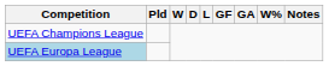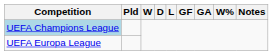 <table class="wikitable sortable" style="text-align: center">
 <tr>
 <th>Competition</th>
 <th abbr="Total of matches played">Pld</th>
 <th abbr="Matches won">W</th>
 <th abbr="Matches drawn">D</th>
 <th abbr="Matches lost">L</th>
 <th abbr="Goals for">GF</th>
 <th abbr="Goals against">GA</th>
 <th abbr="Percentage of matches won">W%</th>
 <th abbr="Notes">Notes</th>
 </tr>
 <tr>
-<td align=left><a href='#'>UEFA Champions League</a><br></td>
+<td align=left style="background: lightblue;"><a href='#'>UEFA Champions League</a><br></td>
 <td></td>
 </tr>
 <tr>
-<td align=left style="background: lightblue;"><a href='#'>UEFA Europa League</a><br></td>
+<td align=left><a href='#'>UEFA Europa League</a><br></td>
 <td></td>
 </tr>
 </table>
